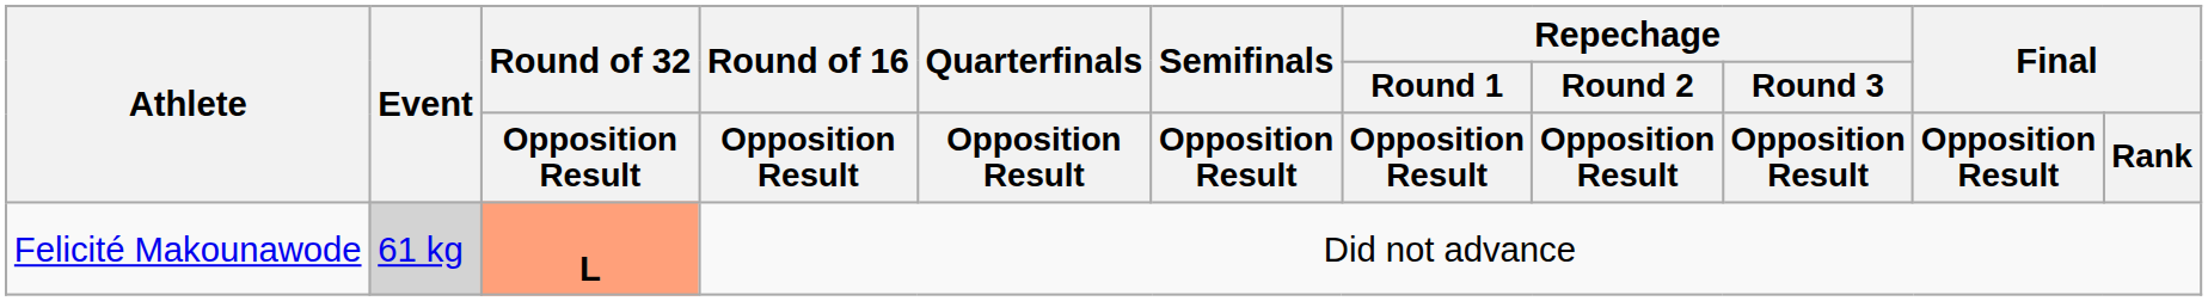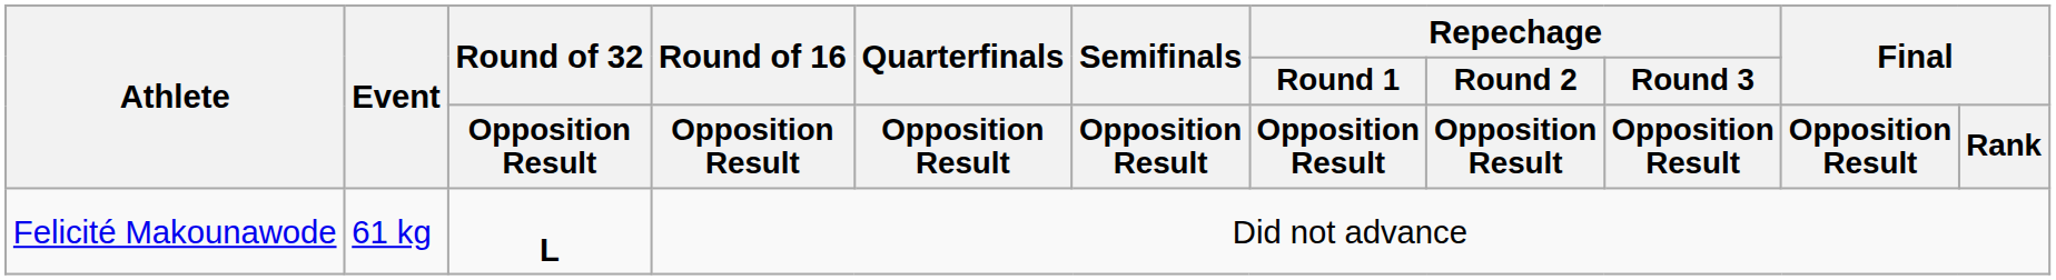 <table class="wikitable" style="font-size:90%">
 <tr>
 <th rowspan="3">Athlete</th>
 <th rowspan="3">Event</th>
 <th rowspan="2">Round of 32</th>
 <th rowspan="2">Round of 16</th>
 <th rowspan="2">Quarterfinals</th>
 <th rowspan="2">Semifinals</th>
 <th colspan=3>Repechage</th>
 <th rowspan="2" colspan=2>Final</th>
 </tr>
 <tr style="font-size:95%">
 <th>Round 1</th>
 <th>Round 2</th>
 <th>Round 3</th>
 </tr>
 <tr style="font-size:95%">
 <th>Opposition<br>Result</th>
 <th>Opposition<br>Result</th>
 <th>Opposition<br>Result</th>
 <th>Opposition<br>Result</th>
 <th>Opposition<br>Result</th>
 <th>Opposition<br>Result</th>
 <th>Opposition<br>Result</th>
 <th>Opposition<br>Result</th>
 <th>Rank</th>
 </tr>
 <tr align=center>
 <td align=left><a href='#'>Felicité Makounawode</a></td>
-<td align=left style="background: lightgrey;"><a href='#'>61 kg</a></td>
-<td style="background: lightsalmon;"><br><strong>L</strong></td>
+<td align=left><a href='#'>61 kg</a></td>
+<td><br><strong>L</strong></td>
 <td colspan=8>Did not advance</td>
 </tr>
 </table>
